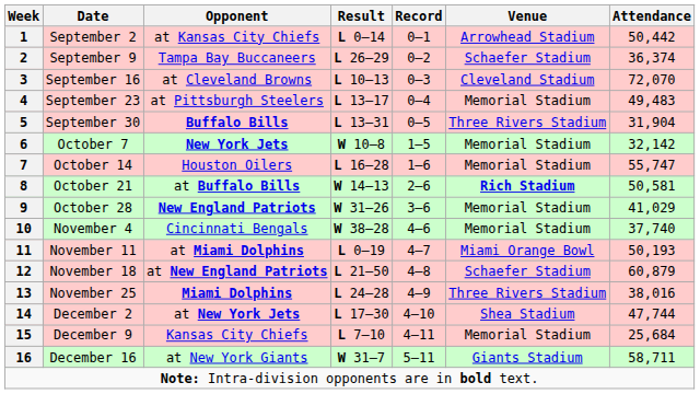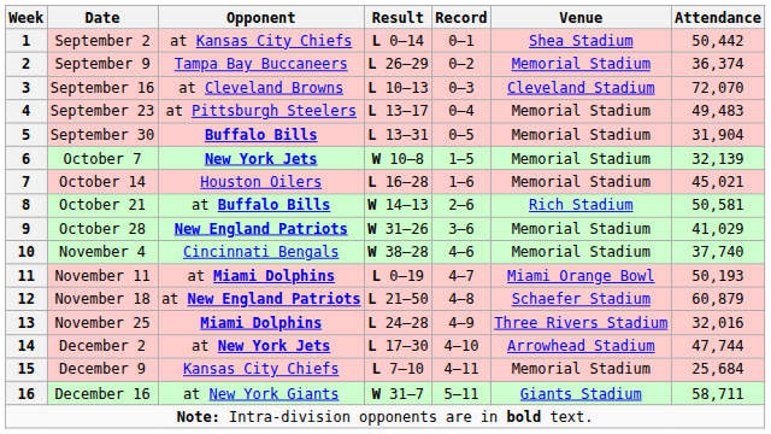 <table class="wikitable" style="text-align:center">
 <tr>
 <th>Week</th>
 <th>Date</th>
 <th>Opponent</th>
 <th>Result</th>
 <th>Record</th>
 <th>Venue</th>
 <th>Attendance</th>
 </tr>
 <tr style="background:#fcc">
 <th>1</th>
 <td>September 2</td>
 <td>at <a href='#'>Kansas City Chiefs</a></td>
 <td><strong>L</strong> 0–14</td>
 <td>0–1</td>
-<td><a href='#'>Arrowhead Stadium</a></td>
+<td><a href='#'>Shea Stadium</a></td>
 <td>50,442</td>
 </tr>
 <tr style="background:#fcc">
 <th>2</th>
 <td>September 9</td>
 <td><a href='#'>Tampa Bay Buccaneers</a></td>
 <td><strong>L</strong> 26–29 </td>
 <td>0–2</td>
-<td><a href='#'>Schaefer Stadium</a></td>
+<td><a href='#'>Memorial Stadium</a></td>
 <td>36,374</td>
 </tr>
 <tr style="background:#fcc">
 <th>3</th>
 <td>September 16</td>
 <td>at <a href='#'>Cleveland Browns</a></td>
 <td><strong>L</strong> 10–13</td>
 <td>0–3</td>
 <td><a href='#'>Cleveland Stadium</a></td>
 <td>72,070</td>
 </tr>
 <tr style="background:#fcc">
 <th>4</th>
 <td>September 23</td>
 <td>at <a href='#'>Pittsburgh Steelers</a></td>
 <td><strong>L</strong> 13–17</td>
 <td>0–4</td>
 <td>Memorial Stadium</td>
 <td>49,483</td>
 </tr>
 <tr style="background:#fcc">
 <th>5</th>
 <td>September 30</td>
 <td><strong><a href='#'>Buffalo Bills</a></strong></td>
 <td><strong>L</strong> 13–31</td>
 <td>0–5</td>
-<td><a href='#'>Three Rivers Stadium</a></td>
+<td>Memorial Stadium</td>
 <td>31,904</td>
 </tr>
 <tr style="background:#cfc">
 <th>6</th>
 <td>October 7</td>
 <td><strong><a href='#'>New York Jets</a></strong></td>
 <td><strong>W</strong> 10–8</td>
 <td>1–5</td>
 <td>Memorial Stadium</td>
-<td>32,142</td>
+<td>32,139</td>
 </tr>
 <tr style="background:#fcc">
 <th>7</th>
 <td>October 14</td>
 <td><a href='#'>Houston Oilers</a></td>
 <td><strong>L</strong> 16–28</td>
 <td>1–6</td>
 <td>Memorial Stadium</td>
-<td>55,747</td>
+<td>45,021</td>
 </tr>
 <tr style="background:#cfc">
 <th>8</th>
 <td>October 21</td>
 <td>at <strong><a href='#'>Buffalo Bills</a></strong></td>
 <td><strong>W</strong> 14–13</td>
 <td>2–6</td>
-<td><strong><a href='#'>Rich Stadium</a></strong></td>
+<td><a href='#'>Rich Stadium</a></td>
 <td>50,581</td>
 </tr>
 <tr style="background:#cfc">
 <th>9</th>
 <td>October 28</td>
 <td><strong><a href='#'>New England Patriots</a></strong></td>
 <td><strong>W</strong> 31–26</td>
 <td>3–6</td>
 <td>Memorial Stadium</td>
 <td>41,029</td>
 </tr>
 <tr style="background:#cfc">
 <th>10</th>
 <td>November 4</td>
 <td><a href='#'>Cincinnati Bengals</a></td>
 <td><strong>W</strong> 38–28</td>
 <td>4–6</td>
 <td>Memorial Stadium</td>
 <td>37,740</td>
 </tr>
 <tr style="background:#fcc">
 <th>11</th>
 <td>November 11</td>
 <td>at <strong><a href='#'>Miami Dolphins</a></strong></td>
 <td><strong>L</strong> 0–19</td>
 <td>4–7</td>
 <td><a href='#'>Miami Orange Bowl</a></td>
 <td>50,193</td>
 </tr>
 <tr style="background:#fcc">
 <th>12</th>
 <td>November 18</td>
 <td>at <strong><a href='#'>New England Patriots</a></strong></td>
 <td><strong>L</strong> 21–50</td>
 <td>4–8</td>
 <td><a href='#'>Schaefer Stadium</a></td>
 <td>60,879</td>
 </tr>
 <tr style="background:#fcc">
 <th>13</th>
 <td>November 25</td>
 <td><strong><a href='#'>Miami Dolphins</a></strong></td>
 <td><strong>L</strong> 24–28</td>
 <td>4–9</td>
 <td><a href='#'>Three Rivers Stadium</a></td>
-<td>38,016</td>
+<td>32,016</td>
 </tr>
 <tr style="background:#fcc">
 <th>14</th>
 <td>December 2</td>
 <td>at <strong><a href='#'>New York Jets</a></strong></td>
 <td><strong>L</strong> 17–30</td>
 <td>4–10</td>
-<td><a href='#'>Shea Stadium</a></td>
+<td><a href='#'>Arrowhead Stadium</a></td>
 <td>47,744</td>
 </tr>
 <tr style="background:#fcc">
 <th>15</th>
 <td>December 9</td>
 <td><a href='#'>Kansas City Chiefs</a></td>
 <td><strong>L</strong> 7–10</td>
 <td>4–11</td>
 <td>Memorial Stadium</td>
 <td>25,684</td>
 </tr>
 <tr style="background:#cfc">
 <th>16</th>
 <td>December 16</td>
 <td>at <a href='#'>New York Giants</a></td>
 <td><strong>W</strong> 31–7</td>
 <td>5–11</td>
 <td><a href='#'>Giants Stadium</a></td>
 <td>58,711</td>
 </tr>
 <tr>
 <td colspan="8"><strong>Note:</strong> Intra-division opponents are in <strong>bold</strong> text.</td>
 </tr>
 </table>
